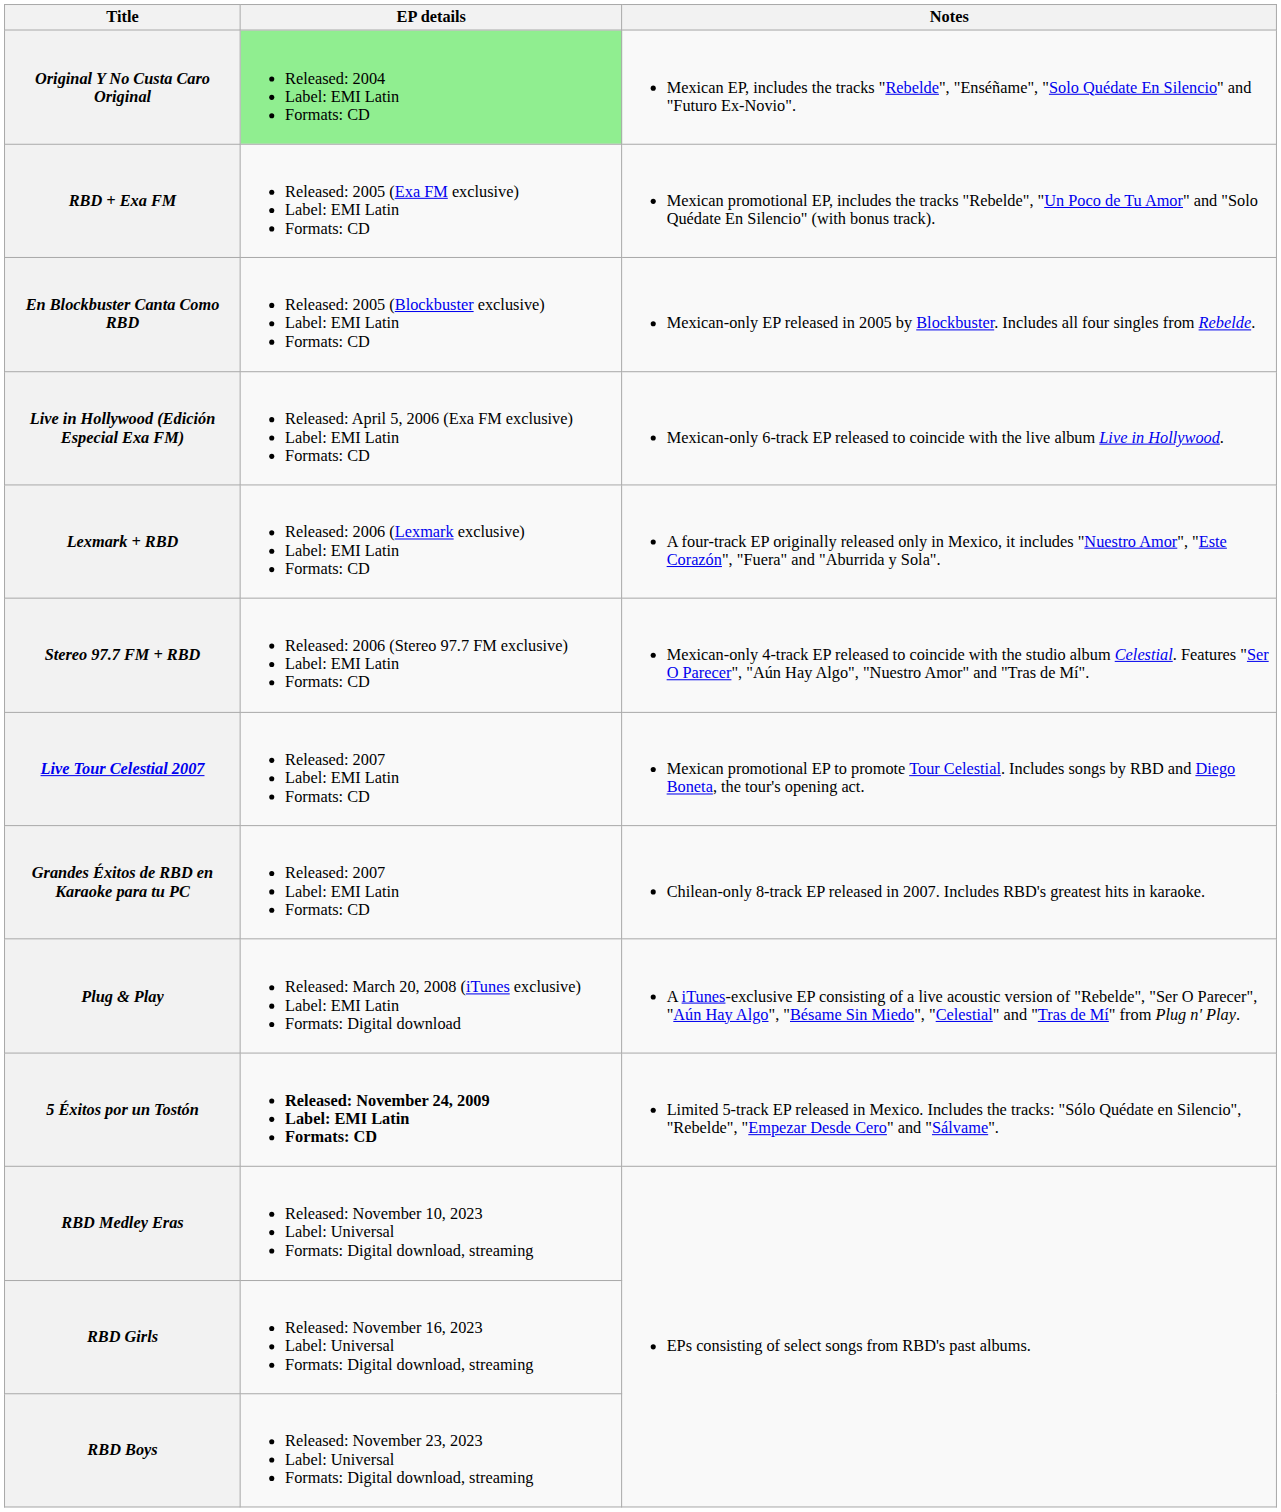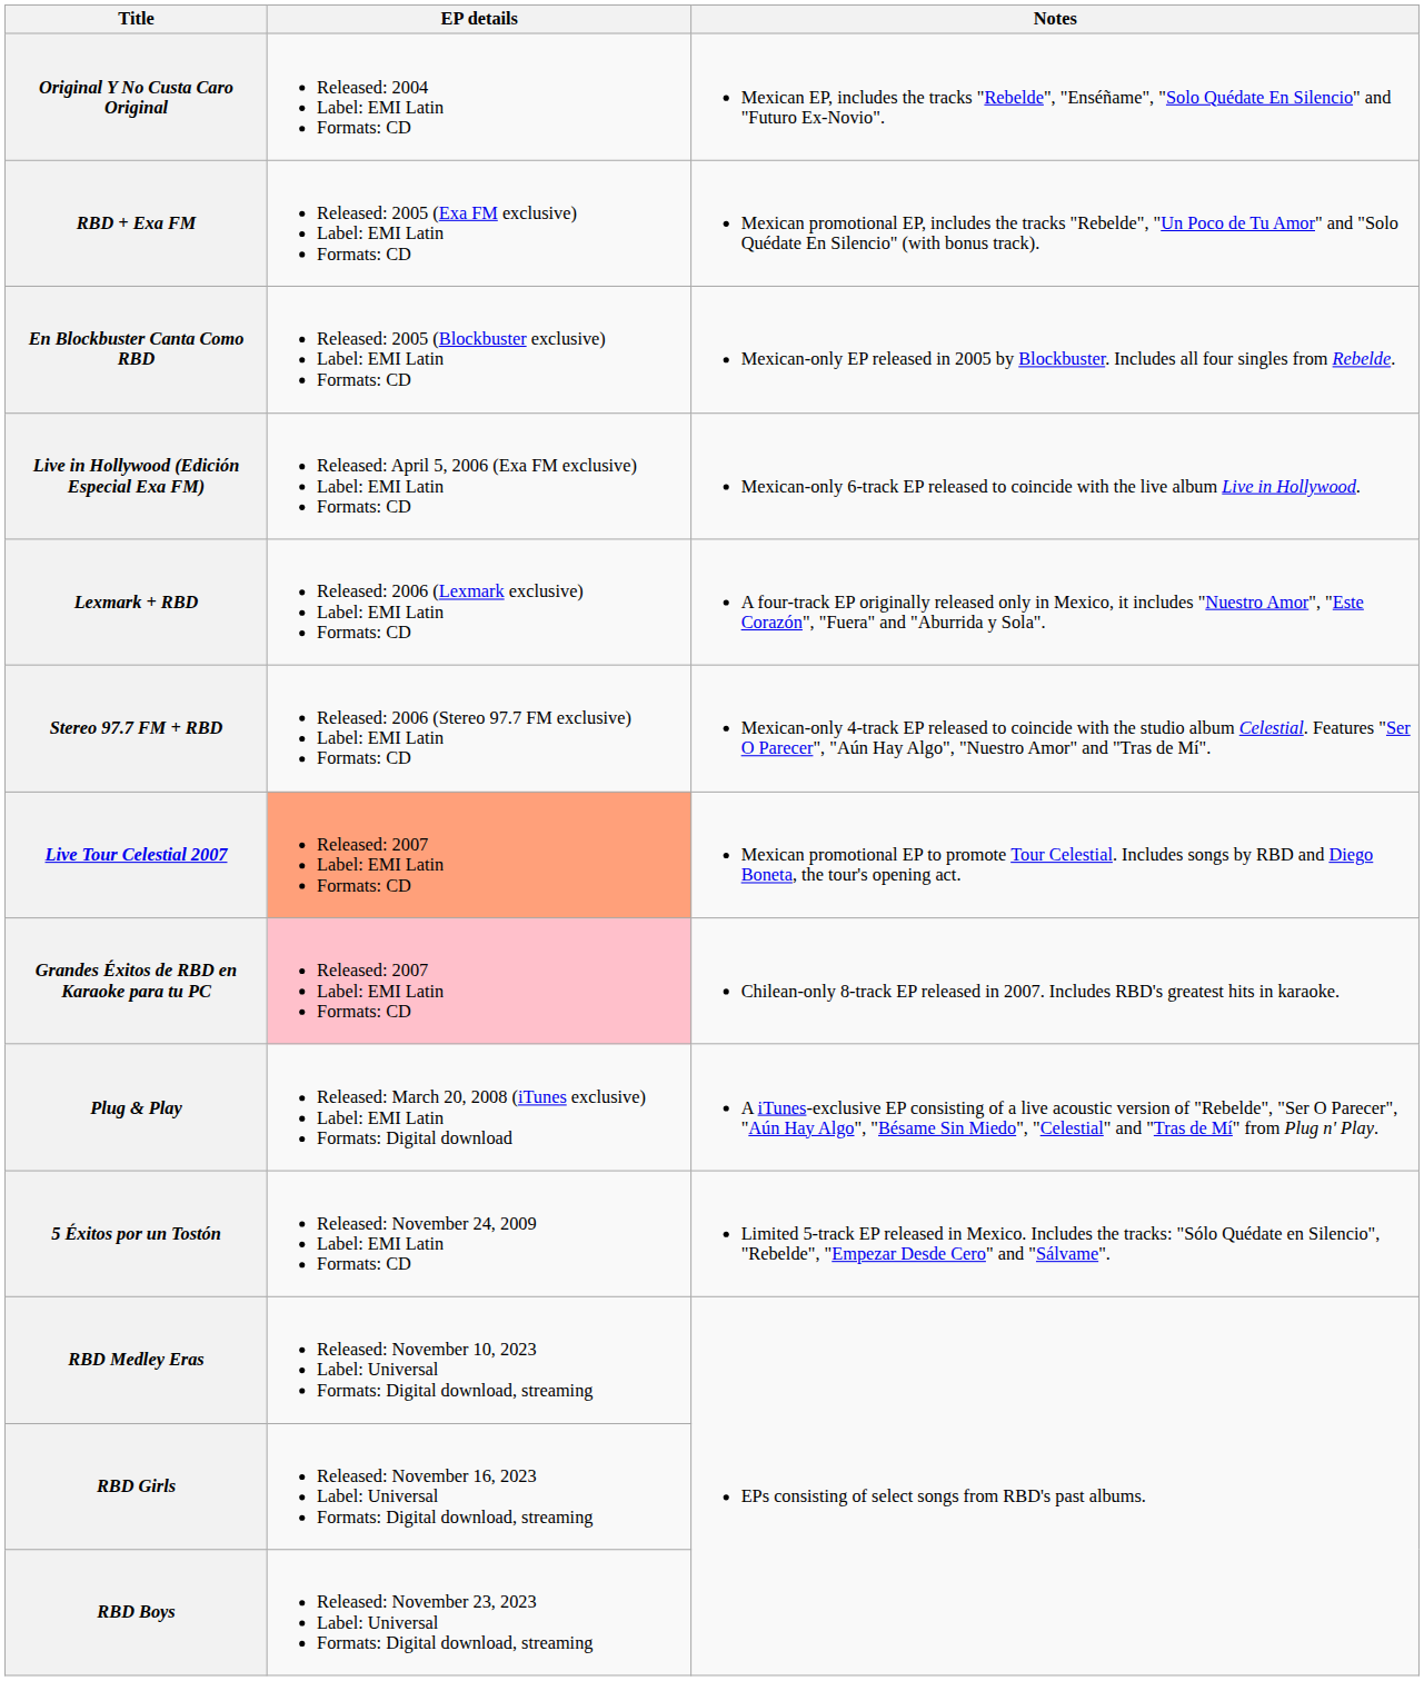 <table class="wikitable plainrowheaders">
 <tr>
 <th scope="col" style="width:14em;">Title</th>
 <th scope="col" width=30%>EP details</th>
 <th scope="col">Notes</th>
 </tr>
 <tr>
 <th scope="row"><em>Original Y No Custa Caro Original</em></th>
-<td style="background: lightgreen;"><br><ul><li>Released: 2004</li><li>Label: EMI Latin</li><li>Formats: CD</li></ul></td>
+<td><br><ul><li>Released: 2004</li><li>Label: EMI Latin</li><li>Formats: CD</li></ul></td>
 <td><br><ul><li>Mexican EP, includes the tracks "<a href='#'>Rebelde</a>", "Enséñame", "<a href='#'>Solo Quédate En Silencio</a>" and "Futuro Ex-Novio".</li></ul></td>
 </tr>
 <tr>
 <th scope="row"><em>RBD + Exa FM</em></th>
 <td><br><ul><li>Released: 2005 (<a href='#'>Exa FM</a> exclusive)</li><li>Label: EMI Latin</li><li>Formats: CD</li></ul></td>
 <td><br><ul><li>Mexican promotional EP, includes the tracks "Rebelde", "<a href='#'>Un Poco de Tu Amor</a>" and "Solo Quédate En Silencio" (with bonus track).</li></ul></td>
 </tr>
 <tr>
 <th scope="row"><em>En Blockbuster Canta Como RBD</em></th>
 <td><br><ul><li>Released: 2005 (<a href='#'>Blockbuster</a> exclusive)</li><li>Label: EMI Latin</li><li>Formats: CD</li></ul></td>
 <td><br><ul><li>Mexican-only EP released in 2005 by <a href='#'>Blockbuster</a>. Includes all four singles from <em><a href='#'>Rebelde</a></em>.</li></ul></td>
 </tr>
 <tr>
 <th scope="row"><em>Live in Hollywood (Edición Especial Exa FM)</em></th>
 <td><br><ul><li>Released: April 5, 2006 (Exa FM exclusive)</li><li>Label: EMI Latin</li><li>Formats: CD</li></ul></td>
 <td><br><ul><li>Mexican-only 6-track EP released to coincide with the live album <em><a href='#'>Live in Hollywood</a></em>.</li></ul></td>
 </tr>
 <tr>
 <th scope="row"><em>Lexmark + RBD</em></th>
 <td><br><ul><li>Released: 2006 (<a href='#'>Lexmark</a> exclusive)</li><li>Label: EMI Latin</li><li>Formats: CD</li></ul></td>
 <td><br><ul><li>A four-track EP originally released only in Mexico, it includes "<a href='#'>Nuestro Amor</a>", "<a href='#'>Este Corazón</a>", "Fuera" and "Aburrida y Sola".</li></ul></td>
 </tr>
 <tr>
 <th scope="row"><em>Stereo 97.7 FM + RBD</em></th>
 <td><br><ul><li>Released: 2006 (Stereo 97.7 FM exclusive)</li><li>Label: EMI Latin</li><li>Formats: CD</li></ul></td>
 <td><br><ul><li>Mexican-only 4-track EP released to coincide with the studio album <em><a href='#'>Celestial</a></em>. Features "<a href='#'>Ser O Parecer</a>", "Aún Hay Algo", "Nuestro Amor" and "Tras de Mí".</li></ul></td>
 </tr>
 <tr>
 <th scope="row"><em><a href='#'>Live Tour Celestial 2007</a></em></th>
-<td><br><ul><li>Released: 2007</li><li>Label: EMI Latin</li><li>Formats: CD</li></ul></td>
+<td style="background: lightsalmon;"><br><ul><li>Released: 2007</li><li>Label: EMI Latin</li><li>Formats: CD</li></ul></td>
 <td><br><ul><li>Mexican promotional EP to promote <a href='#'>Tour Celestial</a>. Includes songs by RBD and <a href='#'>Diego Boneta</a>, the tour's opening act.</li></ul></td>
 </tr>
 <tr>
 <th scope="row"><em>Grandes Éxitos de RBD en Karaoke para tu PC</em></th>
-<td><br><ul><li>Released: 2007</li><li>Label: EMI Latin</li><li>Formats: CD</li></ul></td>
+<td style="background: pink;"><br><ul><li>Released: 2007</li><li>Label: EMI Latin</li><li>Formats: CD</li></ul></td>
 <td><br><ul><li>Chilean-only 8-track EP released in 2007. Includes RBD's greatest hits in karaoke.</li></ul></td>
 </tr>
 <tr>
 <th scope="row"><em>Plug & Play</em></th>
 <td><br><ul><li>Released: March 20, 2008 (<a href='#'>iTunes</a> exclusive)</li><li>Label: EMI Latin</li><li>Formats: Digital download</li></ul></td>
 <td><br><ul><li>A <a href='#'>iTunes</a>-exclusive EP consisting of a live acoustic version of "Rebelde", "Ser O Parecer", "<a href='#'>Aún Hay Algo</a>", "<a href='#'>Bésame Sin Miedo</a>", "<a href='#'>Celestial</a>" and "<a href='#'>Tras de Mí</a>" from <em>Plug n' Play</em>.</li></ul></td>
 </tr>
 <tr>
 <th scope="row"><em>5 Éxitos por un Tostón</em></th>
-<td><strong><br><ul><li>Released: November 24, 2009</li><li>Label: EMI Latin</li><li>Formats: CD</li></ul></strong></td>
+<td><br><ul><li>Released: November 24, 2009</li><li>Label: EMI Latin</li><li>Formats: CD</li></ul></td>
 <td><br><ul><li>Limited 5-track EP released in Mexico. Includes the tracks: "Sólo Quédate en Silencio", "Rebelde", "<a href='#'>Empezar Desde Cero</a>" and "<a href='#'>Sálvame</a>".</li></ul></td>
 </tr>
 <tr>
 <th scope="row"><em>RBD Medley Eras</em></th>
 <td><br><ul><li>Released: November 10, 2023</li><li>Label: Universal</li><li>Formats: Digital download, streaming</li></ul></td>
 <td rowspan="3"><br><ul><li>EPs consisting of select songs from RBD's past albums.</li></ul></td>
 </tr>
 <tr>
 <th scope="row"><em>RBD Girls</em></th>
 <td><br><ul><li>Released: November 16, 2023</li><li>Label: Universal</li><li>Formats: Digital download, streaming</li></ul></td>
 </tr>
 <tr>
 <th scope="row"><em>RBD Boys</em></th>
 <td><br><ul><li>Released: November 23, 2023</li><li>Label: Universal</li><li>Formats: Digital download, streaming</li></ul></td>
 </tr>
 </table>
